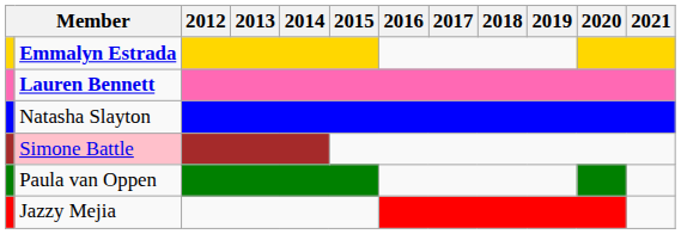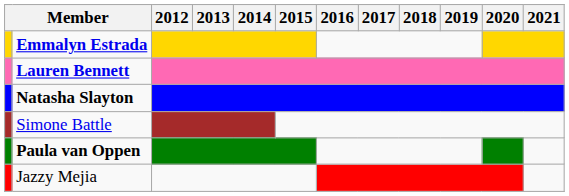 <table class="wikitable">
 <tr>
 <th colspan="2">Member</th>
 <th>2012</th>
 <th>2013</th>
 <th>2014</th>
 <th>2015</th>
 <th>2016</th>
 <th>2017</th>
 <th>2018</th>
 <th>2019</th>
 <th>2020</th>
 <th>2021</th>
 </tr>
 <tr>
 <td style="background:gold"></td>
 <td><strong><a href='#'>Emmalyn Estrada</a></strong> <br></td>
 <td colspan="4" style="text-align:center; background:gold;"></td>
 <td colspan="4"></td>
 <td colspan="2" style="text-align:center; background:gold;"></td>
 </tr>
 <tr>
 <td style="background:hotpink"></td>
 <td><strong><a href='#'>Lauren Bennett</a></strong><br></td>
 <td colspan="10" style="text-align:center; background:hotpink;"></td>
 </tr>
 <tr>
 <td style="background:blue"></td>
-<td>Natasha Slayton<br></td>
+<td><strong>Natasha Slayton<br></strong></td>
 <td colspan="10" style="text-align:center; background:blue;"></td>
 </tr>
 <tr>
 <td style="background:brown"></td>
-<td style="background: pink;"><a href='#'>Simone Battle</a> <br></td>
+<td><a href='#'>Simone Battle</a> <br></td>
 <td colspan="3" style="text-align:center; background:brown;"></td>
 <td colspan="7"></td>
 </tr>
 <tr>
 <td style="background:green"></td>
-<td>Paula van Oppen <br></td>
+<td><strong>Paula van Oppen <br></strong></td>
 <td colspan="4"  style="text-align:center; background:green;"></td>
 <td colspan="4"></td>
 <td colspan="1"  style="text-align:center; background:green;"></td>
 <td colspan="1"></td>
 </tr>
 <tr>
 <td style="background:red"></td>
 <td>Jazzy Mejia<br></td>
 <td colspan="4"></td>
 <td colspan="5" style="text-align:center; background:Red;"></td>
 <td colspan="1"></td>
 </tr>
 </table>
